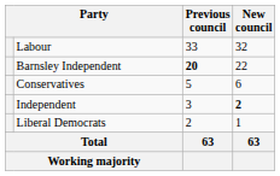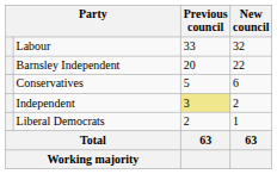 <table class="wikitable">
 <tr>
 <th valign=top colspan="2" style="width: 230px">Party</th>
 <th valign=top style="width: 30px">Previous council</th>
 <th valign=top style="width: 30px">New council</th>
 </tr>
 <tr>
 <th style="background-color: "></th>
 <td>Labour</td>
 <td>33</td>
 <td>32</td>
 </tr>
 <tr>
 <th style="background-color: "></th>
 <td>Barnsley Independent</td>
-<td><strong>20</strong></td>
+<td>20</td>
 <td>22</td>
 </tr>
 <tr>
 <th style="background-color: "></th>
 <td>Conservatives</td>
 <td>5</td>
 <td>6</td>
 </tr>
 <tr>
 <th style="background-color: "></th>
 <td>Independent</td>
-<td>3</td>
-<td><strong>2</strong></td>
+<td style="background: khaki;">3</td>
+<td>2</td>
 </tr>
 <tr>
 <th style="background-color: "></th>
 <td>Liberal Democrats</td>
 <td>2</td>
 <td>1</td>
 </tr>
 <tr>
 <th colspan=2>Total</th>
 <th style="text-align: center">63</th>
 <th colspan=3>63</th>
 </tr>
 <tr>
 <th colspan=2>Working majority</th>
 <th></th>
 <th></th>
 </tr>
 </table>
